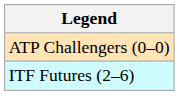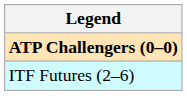 <table class=wikitable style=font-size:97%>
 <tr>
 <th>Legend</th>
 </tr>
 <tr bgcolor=moccasin>
-<td>ATP Challengers (0–0)</td>
+<td><strong>ATP Challengers (0–0)</strong></td>
 </tr>
 <tr bgcolor=cffcff>
 <td>ITF Futures (2–6)</td>
 </tr>
 </table>
